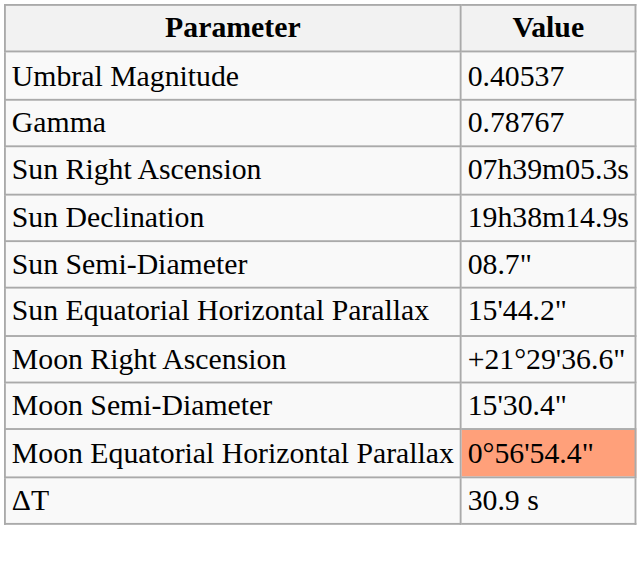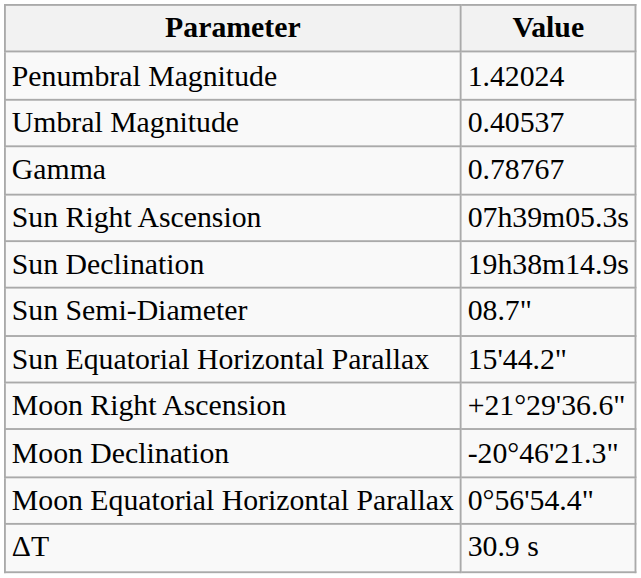 <table class="wikitable">
 <tr>
 <th>Parameter</th>
 <th>Value</th>
+</tr>
+<tr>
+<td>Penumbral Magnitude</td>
+<td>1.42024</td>
 </tr>
 <tr>
 <td>Umbral Magnitude</td>
 <td>0.40537</td>
 </tr>
 <tr>
 <td>Gamma</td>
 <td>0.78767</td>
 </tr>
 <tr>
 <td>Sun Right Ascension</td>
 <td>07h39m05.3s</td>
 </tr>
 <tr>
 <td>Sun Declination</td>
 <td>19h38m14.9s</td>
 </tr>
 <tr>
 <td>Sun Semi-Diameter</td>
 <td>08.7"</td>
 </tr>
 <tr>
 <td>Sun Equatorial Horizontal Parallax</td>
 <td>15'44.2"</td>
 </tr>
 <tr>
 <td>Moon Right Ascension</td>
 <td>+21°29'36.6"</td>
 </tr>
 <tr>
-<td>Moon Semi-Diameter</td>
-<td>15'30.4"</td>
+<td>Moon Declination</td>
+<td>-20°46'21.3"</td>
 </tr>
 <tr>
 <td>Moon Equatorial Horizontal Parallax</td>
-<td style="background: lightsalmon;">0°56'54.4"</td>
+<td>0°56'54.4"</td>
 </tr>
 <tr>
 <td>ΔT</td>
 <td>30.9 s</td>
 </tr>
 </table>
